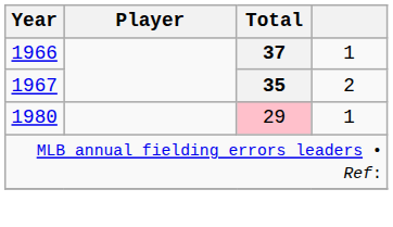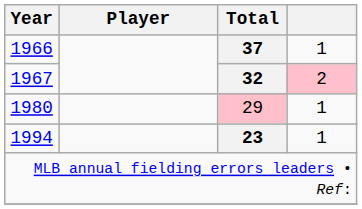 <table class="wikitable sortable"" style="font-size: 90%; text-align:left;">
 <tr>
 <th width="30">Year</th>
 <th width="100">Player</th>
 <th width="40">Total</th>
 <th width="40"></th>
 </tr>
 <tr>
 <td style="text-align:center"><a href='#'>1966</a></td>
 <td rowspan="2"; align=left></td>
 <th>37</th>
 <td style="text-align:center">1</td>
 </tr>
 <tr>
 <td style="text-align:center"><a href='#'>1967</a></td>
-<th>35</th>
-<td style="text-align:center">2</td>
+<th>32</th>
+<td style="background: pink; text-align:center">2</td>
 </tr>
 <tr>
 <td style="text-align:center"><a href='#'>1980</a></td>
 <td align=left></td>
 <td style="background: pink; text-align:center">29</td>
+<td style="text-align:center">1</td>
+</tr>
+<tr>
+<td style="text-align:center"><a href='#'>1994</a></td>
+<td align=left></td>
+<th>23</th>
 <td style="text-align:center">1</td>
 </tr>
 <tr class="sortbottom">
 <td style="text-align:right"; colspan="4"><small><a href='#'>MLB annual fielding errors leaders</a> • <em>Ref</em>:</small></td>
 </tr>
 <tr>
 </tr>
 </table>
